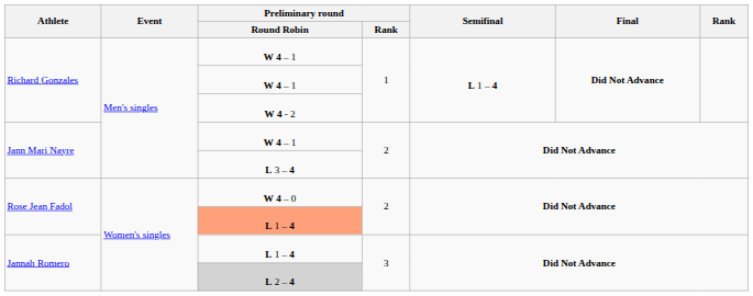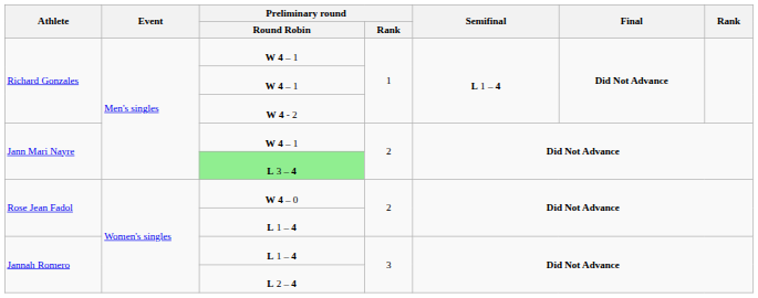 <table class="wikitable" width="85%" style="text-align:center; font-size:90%">
 <tr>
 <th rowspan="2" width="10%">Athlete</th>
 <th rowspan="2" width="10%">Event</th>
 <th colspan="2" width="15%">Preliminary round</th>
 <th rowspan="2" width="15%">Semifinal</th>
 <th rowspan="2" width="15%">Final</th>
 <th rowspan="2" width="5%">Rank</th>
 </tr>
 <tr>
 <th width="17%">Round Robin</th>
 <th width="5%">Rank</th>
 </tr>
 <tr>
 <td rowspan=3 align=left><a href='#'>Richard Gonzales</a></td>
 <td rowspan=5 align=left><a href='#'>Men's singles</a></td>
 <td> <br> <strong>W</strong> <strong>4</strong> – 1</td>
 <td rowspan=3>1 <strong></strong></td>
 <td rowspan=3> <br> <strong>L</strong> 1 – <strong>4</strong></td>
 <td rowspan=3><strong>Did Not Advance</strong></td>
 <td rowspan=3></td>
 </tr>
 <tr>
 <td> <br> <strong>W</strong> <strong>4</strong> – 1</td>
 </tr>
 <tr>
 <td> <br> <strong>W</strong> <strong>4</strong> - 2</td>
 </tr>
 <tr>
 <td rowspan=2 align=left><a href='#'>Jann Mari Nayre</a></td>
 <td> <br><strong>W</strong> <strong>4</strong> – 1</td>
 <td rowspan=2>2</td>
 <td rowspan=2 colspan=3><strong>Did Not Advance</strong></td>
 </tr>
 <tr>
-<td> <br> <strong>L</strong> 3 – <strong>4</strong></td>
+<td style="background: lightgreen;"> <br> <strong>L</strong> 3 – <strong>4</strong></td>
 </tr>
 <tr>
 <td rowspan=2 align=left><a href='#'>Rose Jean Fadol</a></td>
 <td rowspan=4 align=left><a href='#'>Women's singles</a></td>
 <td> <br> <strong>W</strong> <strong>4</strong> – 0</td>
 <td rowspan=2>2</td>
 <td rowspan=2 colspan=3><strong>Did Not Advance</strong></td>
 </tr>
 <tr>
-<td style="background: lightsalmon;"> <br> <strong>L</strong> 1 – <strong>4</strong></td>
+<td> <br> <strong>L</strong> 1 – <strong>4</strong></td>
 </tr>
 <tr>
 <td rowspan=2 align=left><a href='#'>Jannah Romero</a></td>
 <td><br> <strong>L</strong> 1 – <strong>4</strong></td>
 <td rowspan=2>3</td>
 <td rowspan=2 colspan=3><strong>Did Not Advance</strong></td>
 </tr>
 <tr>
-<td style="background: lightgrey;"> <br> <strong>L</strong> 2 – <strong>4</strong></td>
+<td> <br> <strong>L</strong> 2 – <strong>4</strong></td>
 </tr>
 </table>
